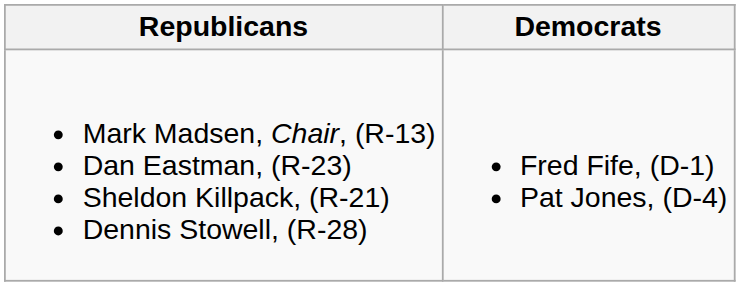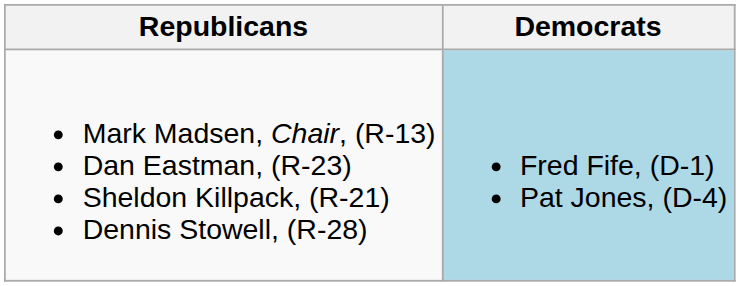 <table class=wikitable>
 <tr>
 <th>Republicans</th>
 <th>Democrats</th>
 </tr>
 <tr>
 <td><br><ul><li>Mark Madsen, <em>Chair</em>, (R-13)</li><li>Dan Eastman, (R-23)</li><li>Sheldon Killpack, (R-21)</li><li>Dennis Stowell, (R-28)</li></ul></td>
-<td><br><ul><li>Fred Fife, (D-1)</li><li>Pat Jones, (D-4)</li></ul></td>
+<td style="background: lightblue;"><br><ul><li>Fred Fife, (D-1)</li><li>Pat Jones, (D-4)</li></ul></td>
 </tr>
 </table>
